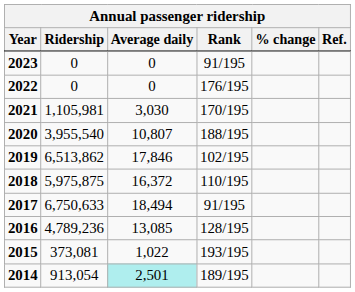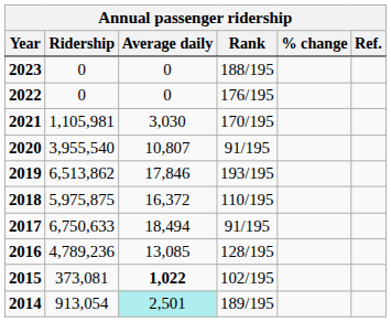 <table class="wikitable sortable" style="text-align:right;">
 <tr>
 <th colspan="6" style="background-color:#">Annual passenger ridership</th>
 </tr>
 <tr style="font-size:95%; text-align:center">
 <th style="border-bottom:1px solid black">Year</th>
 <th style="border-bottom:1px solid black">Ridership</th>
 <th style="border-bottom:1px solid black">Average daily</th>
 <th style="border-bottom:1px solid black">Rank</th>
 <th style="border-bottom:1px solid black">% change</th>
 <th style="border-bottom:1px solid black">Ref.</th>
 </tr>
 <tr style="text-align:center;">
 <td><strong>2023</strong></td>
 <td>0</td>
 <td>0</td>
-<td>91/195</td>
+<td>188/195</td>
 <td></td>
 <td></td>
 </tr>
 <tr style="text-align:center;">
 <td><strong>2022</strong></td>
 <td>0</td>
 <td>0</td>
 <td>176/195</td>
 <td></td>
 <td></td>
 </tr>
 <tr style="text-align:center;">
 <td><strong>2021</strong></td>
 <td>1,105,981</td>
 <td>3,030</td>
 <td>170/195</td>
 <td></td>
 <td></td>
 </tr>
 <tr style="text-align:center;">
 <td><strong>2020</strong></td>
 <td>3,955,540</td>
 <td>10,807</td>
-<td>188/195</td>
+<td>91/195</td>
 <td></td>
 <td></td>
 </tr>
 <tr style="text-align:center;">
 <td><strong>2019</strong></td>
 <td>6,513,862</td>
 <td>17,846</td>
-<td>102/195</td>
+<td>193/195</td>
 <td></td>
 <td></td>
 </tr>
 <tr style="text-align:center;">
 <td><strong>2018</strong></td>
 <td>5,975,875</td>
 <td>16,372</td>
 <td>110/195</td>
 <td></td>
 <td></td>
 </tr>
 <tr style="text-align:center;">
 <td><strong>2017</strong></td>
 <td>6,750,633</td>
 <td>18,494</td>
 <td>91/195</td>
 <td></td>
 <td></td>
 </tr>
 <tr style="text-align:center;">
 <td><strong>2016</strong></td>
 <td>4,789,236</td>
 <td>13,085</td>
 <td>128/195</td>
 <td></td>
 <td></td>
 </tr>
 <tr style="text-align:center;">
 <td><strong>2015</strong></td>
 <td>373,081</td>
-<td>1,022</td>
-<td>193/195</td>
+<td><strong>1,022</strong></td>
+<td>102/195</td>
 <td></td>
 <td></td>
 </tr>
 <tr style="text-align:center;">
 <td><strong>2014</strong></td>
 <td>913,054</td>
 <td style="background: paleturquoise;">2,501</td>
 <td>189/195</td>
 <td></td>
 <td></td>
 </tr>
 </table>
